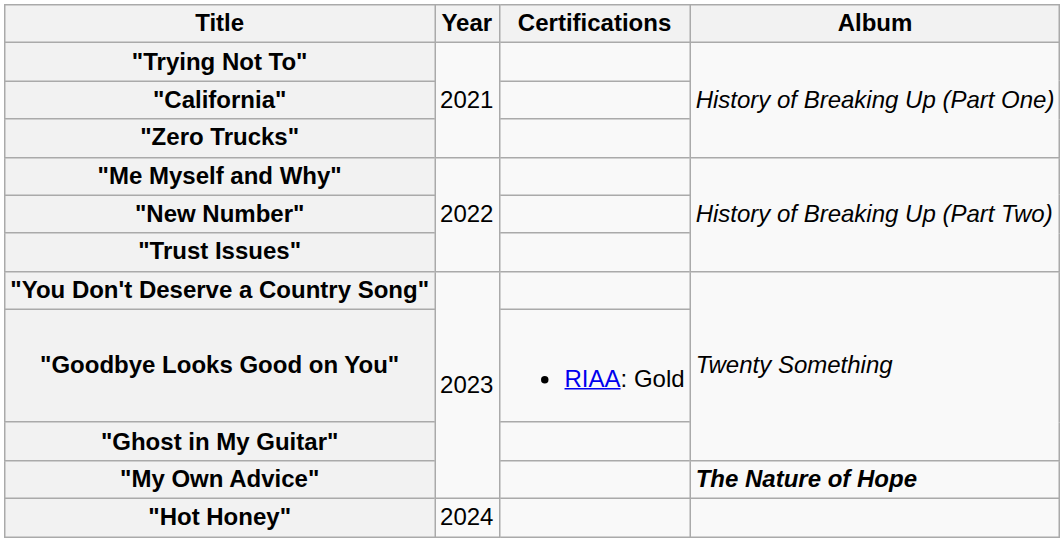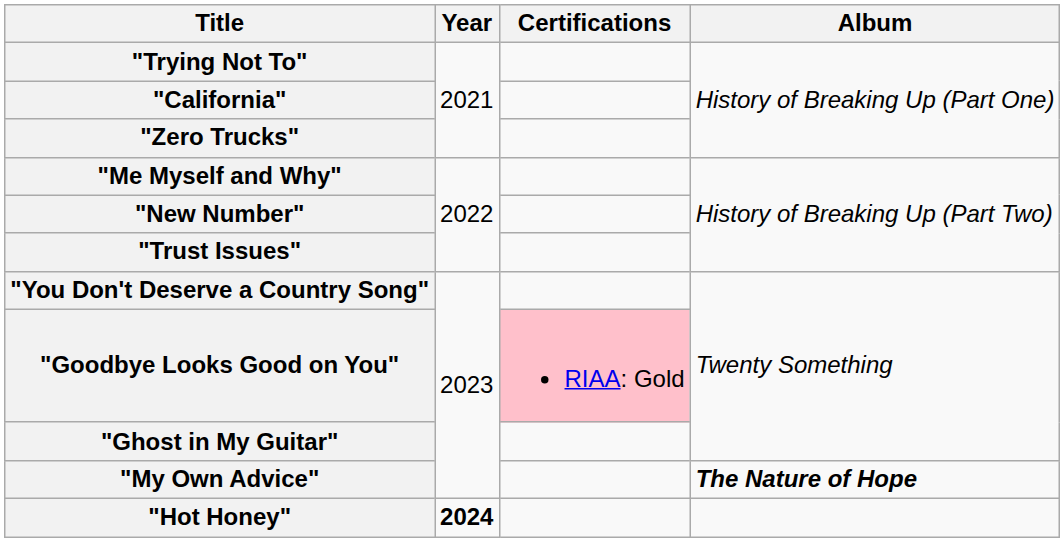 <table class="wikitable plainrowheaders">
 <tr>
 <th scope="col">Title</th>
 <th scope="col">Year</th>
 <th scope="col">Certifications</th>
 <th scope="col">Album</th>
 </tr>
 <tr>
 <th scope="row">"Trying Not To"</th>
 <td rowspan="3">2021</td>
 <td></td>
 <td rowspan="3"><em>History of Breaking Up (Part One)</em></td>
 </tr>
 <tr>
 <th scope="row">"California"</th>
 <td></td>
 </tr>
 <tr>
 <th scope="row">"Zero Trucks"</th>
 <td></td>
 </tr>
 <tr>
 <th scope="row">"Me Myself and Why"</th>
 <td rowspan="3">2022</td>
 <td></td>
 <td rowspan="3"><em>History of Breaking Up (Part Two)</em></td>
 </tr>
 <tr>
 <th scope="row">"New Number"</th>
 <td></td>
 </tr>
 <tr>
 <th scope="row">"Trust Issues"</th>
 <td></td>
 </tr>
 <tr>
 <th scope="row">"You Don't Deserve a Country Song"</th>
 <td rowspan="4">2023</td>
 <td></td>
 <td rowspan="3"><em>Twenty Something</em></td>
 </tr>
 <tr>
 <th scope="row">"Goodbye Looks Good on You"<br></th>
-<td><br><ul><li><a href='#'>RIAA</a>: Gold</li></ul></td>
+<td style="background: pink;"><br><ul><li><a href='#'>RIAA</a>: Gold</li></ul></td>
 </tr>
 <tr>
 <th scope="row">"Ghost in My Guitar"</th>
 <td></td>
 </tr>
 <tr>
 <th scope="row">"My Own Advice"<br></th>
 <td></td>
 <td><strong><em>The Nature of Hope</em></strong></td>
 </tr>
 <tr>
 <th scope="row">"Hot Honey"<br></th>
-<td>2024</td>
+<td><strong>2024</strong></td>
 <td></td>
 <td></td>
 </tr>
 </table>
